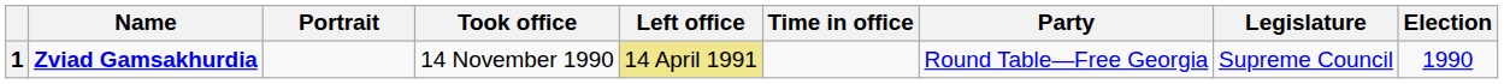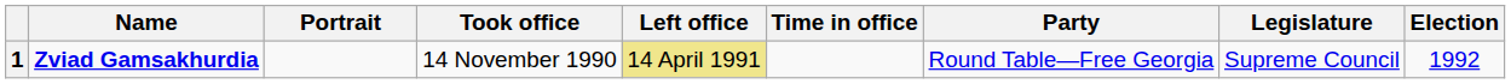 <table class="wikitable" style="text-align:center">
 <tr>
 <th></th>
 <th>Name<br></th>
 <th width="100px">Portrait</th>
 <th>Took office</th>
 <th>Left office</th>
 <th>Time in office</th>
 <th>Party</th>
 <th>Legislature</th>
 <th>Election</th>
 </tr>
 <tr>
 <th style="background:">1</th>
 <td><strong><a href='#'>Zviad Gamsakhurdia</a></strong><br></td>
 <td></td>
 <td>14 November 1990</td>
 <td style="background: khaki;">14 April 1991</td>
 <td></td>
 <td><a href='#'>Round Table—Free Georgia</a></td>
 <td><a href='#'>Supreme Council</a></td>
-<td><a href='#'>1990</a></td>
+<td><a href='#'>1992</a></td>
 </tr>
 </table>
